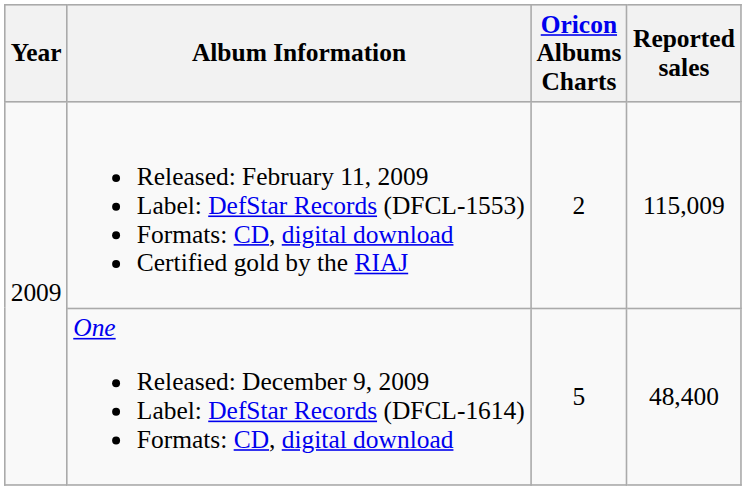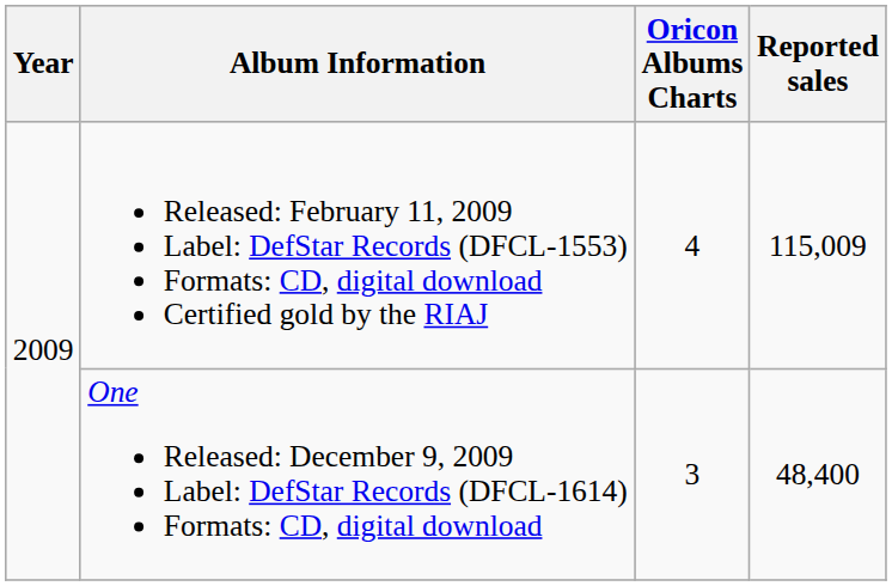 <table class="wikitable">
 <tr>
 <th rowspan="1">Year</th>
 <th rowspan="1">Album Information</th>
 <th colspan="1"><a href='#'>Oricon</a><br>Albums<br>Charts<br></th>
 <th colspan="1">Reported<br>sales<br></th>
 </tr>
 <tr>
 <td align="center" rowspan="2">2009</td>
 <td><br><ul><li>Released: February 11, 2009</li><li>Label: <a href='#'>DefStar Records</a> (DFCL-1553)</li><li>Formats: <a href='#'>CD</a>, <a href='#'>digital download</a></li><li>Certified gold by the <a href='#'>RIAJ</a></li></ul></td>
-<td align="center">2</td>
+<td align="center">4</td>
 <td align="center">115,009</td>
 </tr>
 <tr>
 <td><em><a href='#'>One</a></em><br><ul><li>Released: December 9, 2009</li><li>Label: <a href='#'>DefStar Records</a> (DFCL-1614)</li><li>Formats: <a href='#'>CD</a>, <a href='#'>digital download</a></li></ul></td>
-<td align="center">5</td>
+<td align="center">3</td>
 <td align="center">48,400</td>
 </tr>
 </table>
